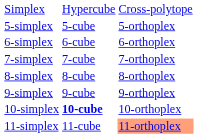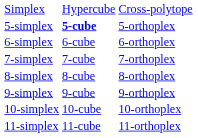 <table>
 <tr>
 <td><a href='#'>Simplex</a></td>
 <td><a href='#'>Hypercube</a></td>
 <td><a href='#'>Cross-polytope</a></td>
 </tr>
 <tr>
 <td><a href='#'>5-simplex</a></td>
-<td><a href='#'>5-cube</a></td>
+<td><strong><a href='#'>5-cube</a></strong></td>
 <td><a href='#'>5-orthoplex</a></td>
 </tr>
 <tr>
 <td><a href='#'>6-simplex</a></td>
 <td><a href='#'>6-cube</a></td>
 <td><a href='#'>6-orthoplex</a></td>
 </tr>
 <tr>
 <td><a href='#'>7-simplex</a></td>
 <td><a href='#'>7-cube</a></td>
 <td><a href='#'>7-orthoplex</a></td>
 </tr>
 <tr>
 <td><a href='#'>8-simplex</a></td>
 <td><a href='#'>8-cube</a></td>
 <td><a href='#'>8-orthoplex</a></td>
 </tr>
 <tr>
 <td><a href='#'>9-simplex</a></td>
 <td><a href='#'>9-cube</a></td>
 <td><a href='#'>9-orthoplex</a></td>
 </tr>
 <tr>
 <td><a href='#'>10-simplex</a></td>
-<td><strong><a href='#'>10-cube</a></strong></td>
+<td><a href='#'>10-cube</a></td>
 <td><a href='#'>10-orthoplex</a></td>
 </tr>
 <tr>
 <td><a href='#'>11-simplex</a></td>
 <td><a href='#'>11-cube</a></td>
-<td style="background: lightsalmon;"><a href='#'>11-orthoplex</a></td>
+<td><a href='#'>11-orthoplex</a></td>
 </tr>
 </table>
